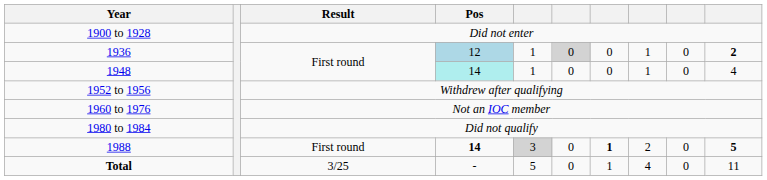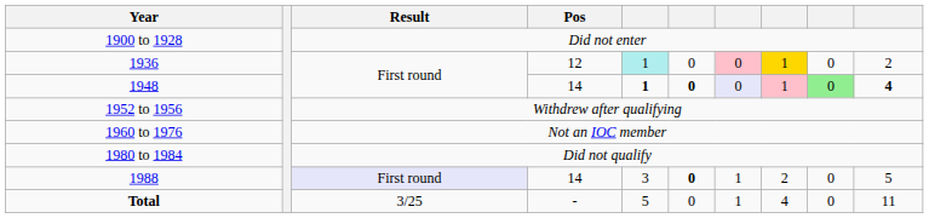 <table class="wikitable" style="width:80%; text-align:center;">
 <tr>
 <th>Year</th>
 <th width=1% rowspan=9></th>
 <th>Result</th>
 <th>Pos</th>
 <th></th>
 <th></th>
 <th></th>
 <th></th>
 <th></th>
 <th></th>
 </tr>
 <tr>
 <td> <a href='#'>1900</a> to  <a href='#'>1928</a></td>
 <td colspan=8><em>Did not enter</em></td>
 </tr>
 <tr>
 <td> <a href='#'>1936</a></td>
 <td rowspan=2>First round</td>
-<td style="background: lightblue;">12</td>
-<td>1</td>
-<td style="background: lightgrey;">0</td>
+<td>12</td>
+<td style="background: paleturquoise;">1</td>
 <td>0</td>
-<td>1</td>
+<td style="background: pink;">0</td>
+<td style="background: gold;">1</td>
 <td>0</td>
-<td><strong>2</strong></td>
+<td>2</td>
 </tr>
 <tr>
 <td> <a href='#'>1948</a></td>
-<td style="background: paleturquoise;">14</td>
-<td>1</td>
-<td>0</td>
-<td>0</td>
-<td>1</td>
-<td>0</td>
-<td>4</td>
+<td>14</td>
+<td><strong>1</strong></td>
+<td><strong>0</strong></td>
+<td style="background: lavender;">0</td>
+<td style="background: pink;">1</td>
+<td style="background: lightgreen;">0</td>
+<td><strong>4</strong></td>
 </tr>
 <tr>
 <td> <a href='#'>1952</a> to  <a href='#'>1956</a></td>
 <td colspan=8><em>Withdrew after qualifying</em></td>
 </tr>
 <tr>
 <td> <a href='#'>1960</a> to  <a href='#'>1976</a></td>
 <td colspan=8><em>Not an <a href='#'>IOC</a> member</em></td>
 </tr>
 <tr>
 <td> <a href='#'>1980</a> to  <a href='#'>1984</a></td>
 <td colspan=8><em>Did not qualify</em></td>
 </tr>
 <tr>
 <td> <a href='#'>1988</a></td>
-<td>First round</td>
-<td><strong>14</strong></td>
-<td style="background: lightgrey;">3</td>
-<td>0</td>
-<td><strong>1</strong></td>
+<td style="background: lavender;">First round</td>
+<td>14</td>
+<td>3</td>
+<td><strong>0</strong></td>
+<td>1</td>
 <td>2</td>
 <td>0</td>
-<td><strong>5</strong></td>
+<td>5</td>
 </tr>
 <tr>
 <td><strong>Total</strong></td>
 <td>3/25</td>
 <td>-</td>
 <td>5</td>
 <td>0</td>
 <td>1</td>
 <td>4</td>
 <td>0</td>
 <td>11</td>
 </tr>
 </table>
